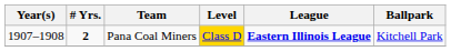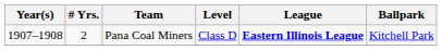 <table class="wikitable" style="text-align:center; font-size: 95%;">
 <tr>
 <th>Year(s)</th>
 <th># Yrs.</th>
 <th>Team</th>
 <th>Level</th>
 <th>League</th>
 <th>Ballpark</th>
 </tr>
 <tr>
 <td>1907–1908</td>
-<td><strong>2</strong></td>
+<td>2</td>
 <td>Pana Coal Miners</td>
-<td style="background: gold;"><a href='#'>Class D</a></td>
+<td><a href='#'>Class D</a></td>
 <td><strong><a href='#'>Eastern Illinois League</a></strong></td>
 <td><a href='#'>Kitchell Park</a></td>
 </tr>
 <tr>
 </tr>
 </table>
